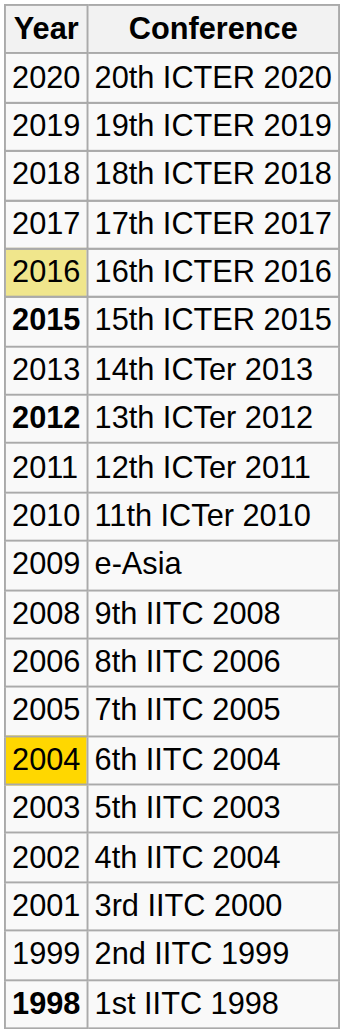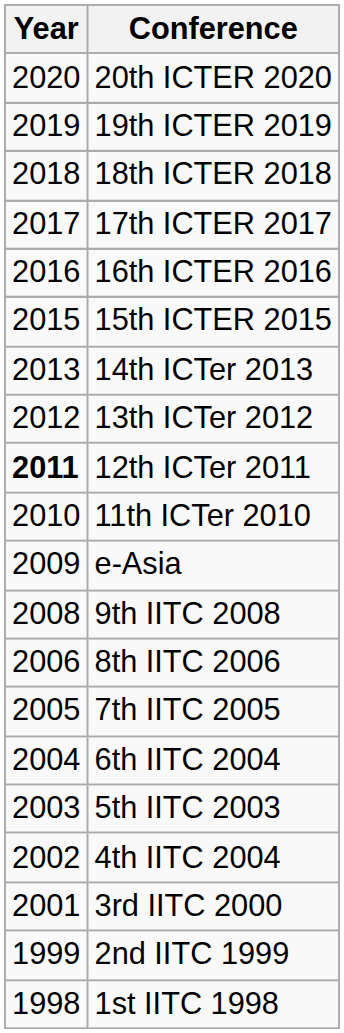 <table class="wikitable">
 <tr>
 <th>Year</th>
 <th>Conference</th>
 </tr>
 <tr>
 <td>2020</td>
 <td>20th ICTER 2020</td>
 </tr>
 <tr>
 </tr>
 <tr>
 <td>2019</td>
 <td>19th ICTER 2019</td>
 </tr>
 <tr>
 </tr>
 <tr>
 <td>2018</td>
 <td>18th ICTER 2018</td>
 </tr>
 <tr>
 </tr>
 <tr>
 <td>2017</td>
 <td>17th ICTER 2017</td>
 </tr>
 <tr>
 </tr>
 <tr>
-<td style="background: khaki;">2016</td>
+<td>2016</td>
 <td>16th ICTER 2016</td>
 </tr>
 <tr>
 </tr>
 <tr>
-<td><strong>2015</strong></td>
+<td>2015</td>
 <td>15th ICTER 2015</td>
 </tr>
 <tr>
 <td>2013</td>
 <td>14th ICTer 2013</td>
 </tr>
 <tr>
-<td><strong>2012</strong></td>
+<td>2012</td>
 <td>13th ICTer 2012</td>
 </tr>
 <tr>
-<td>2011</td>
+<td><strong>2011</strong></td>
 <td>12th ICTer 2011</td>
 </tr>
 <tr>
 <td>2010</td>
 <td>11th ICTer 2010</td>
 </tr>
 <tr>
 <td>2009</td>
 <td>e-Asia</td>
 </tr>
 <tr>
 <td>2008</td>
 <td>9th IITC 2008</td>
 </tr>
 <tr>
 <td>2006</td>
 <td>8th IITC 2006</td>
 </tr>
 <tr>
 <td>2005</td>
 <td>7th IITC 2005</td>
 </tr>
 <tr>
-<td style="background: gold;">2004</td>
+<td>2004</td>
 <td>6th IITC 2004</td>
 </tr>
 <tr>
 <td>2003</td>
 <td>5th IITC 2003</td>
 </tr>
 <tr>
 <td>2002</td>
 <td>4th IITC 2004</td>
 </tr>
 <tr>
 <td>2001</td>
 <td>3rd IITC 2000</td>
 </tr>
 <tr>
 <td>1999</td>
 <td>2nd IITC 1999</td>
 </tr>
 <tr>
-<td><strong>1998</strong></td>
+<td>1998</td>
 <td>1st IITC 1998</td>
 </tr>
 </table>
